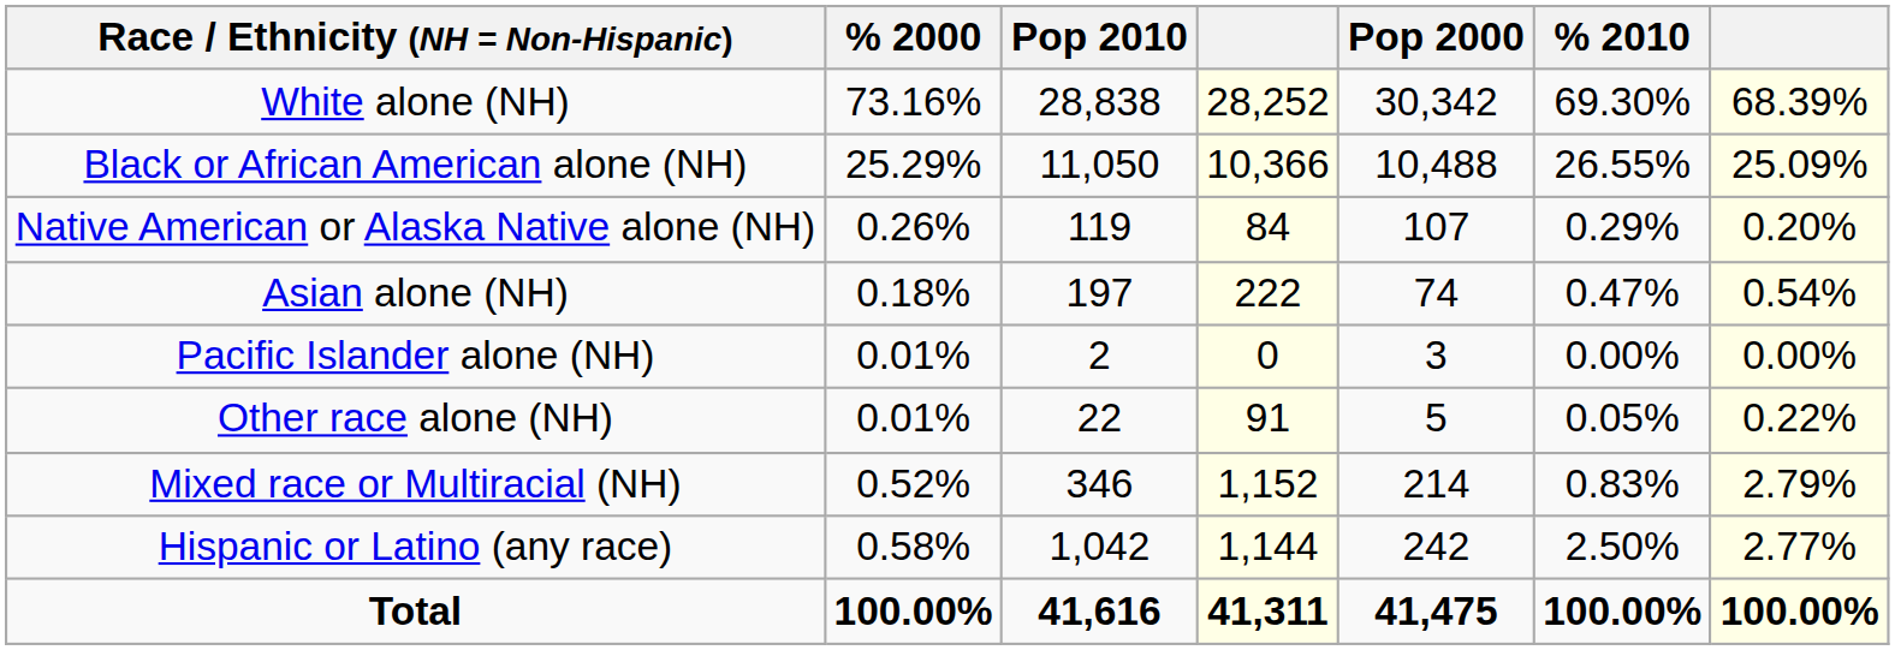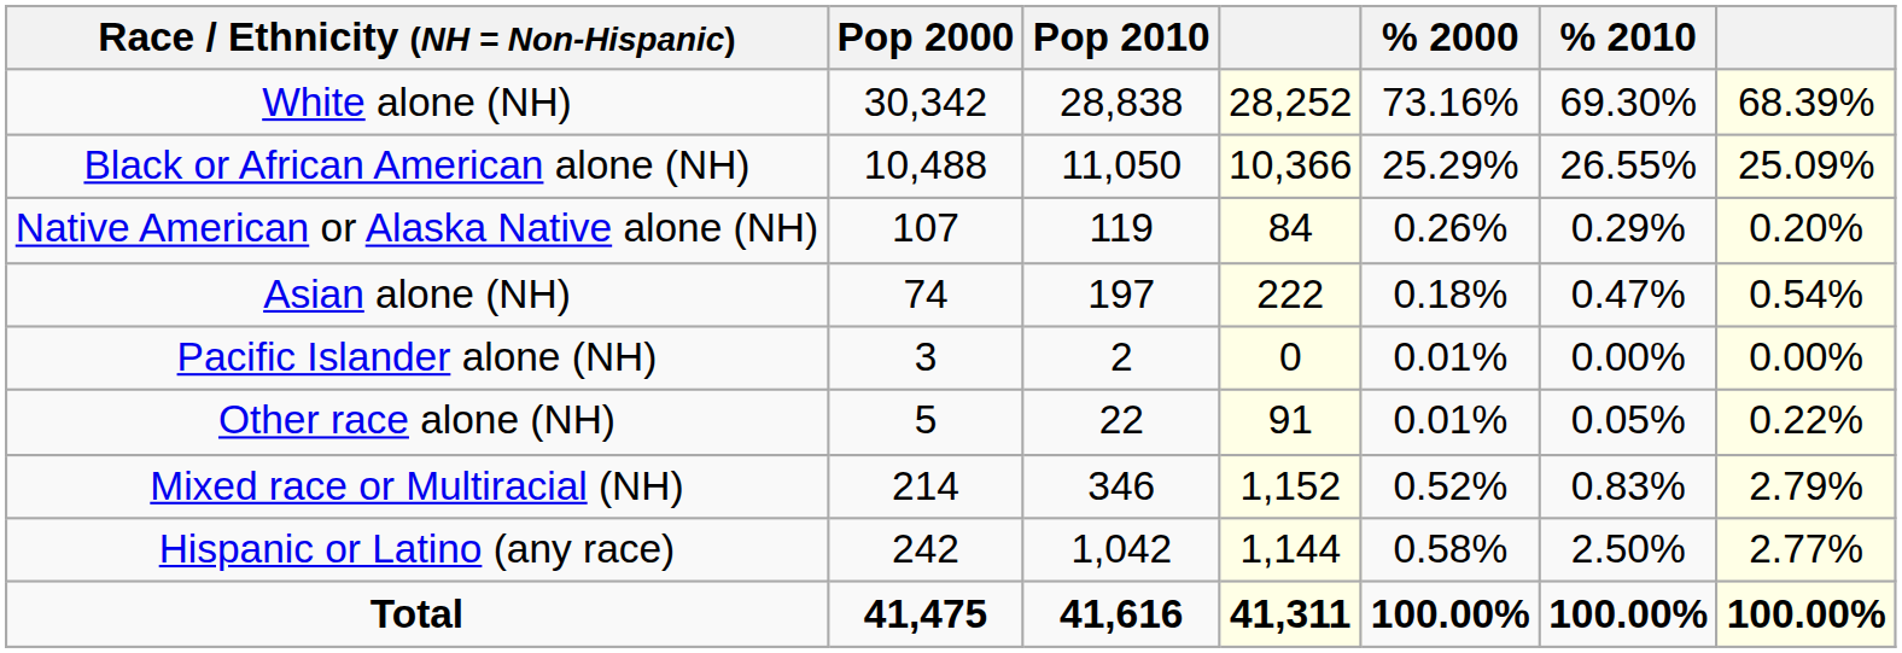 <table class="wikitable" style="text-align:center;">
 <tr>
 <th>Race / Ethnicity <small>(<em>NH = Non-Hispanic</em>)</small></th>
-<th>% 2000</th>
+<th>Pop 2000</th>
 <th>Pop 2010</th>
 <th></th>
-<th>Pop 2000</th>
+<th>% 2000</th>
 <th>% 2010</th>
 <th></th>
 </tr>
 <tr>
 <td><a href='#'>White</a> alone (NH)</td>
-<td>73.16%</td>
+<td>30,342</td>
 <td>28,838</td>
 <td style='background: #ffffe6;'>28,252</td>
-<td>30,342</td>
+<td>73.16%</td>
 <td>69.30%</td>
 <td style='background: #ffffe6;'>68.39%</td>
 </tr>
 <tr>
 <td><a href='#'>Black or African American</a> alone (NH)</td>
-<td>25.29%</td>
+<td>10,488</td>
 <td>11,050</td>
 <td style='background: #ffffe6;'>10,366</td>
-<td>10,488</td>
+<td>25.29%</td>
 <td>26.55%</td>
 <td style='background: #ffffe6;'>25.09%</td>
 </tr>
 <tr>
 <td><a href='#'>Native American</a> or <a href='#'>Alaska Native</a> alone (NH)</td>
-<td>0.26%</td>
+<td>107</td>
 <td>119</td>
 <td style='background: #ffffe6;'>84</td>
-<td>107</td>
+<td>0.26%</td>
 <td>0.29%</td>
 <td style='background: #ffffe6;'>0.20%</td>
 </tr>
 <tr>
 <td><a href='#'>Asian</a> alone (NH)</td>
-<td>0.18%</td>
+<td>74</td>
 <td>197</td>
 <td style='background: #ffffe6;'>222</td>
-<td>74</td>
+<td>0.18%</td>
 <td>0.47%</td>
 <td style='background: #ffffe6;'>0.54%</td>
 </tr>
 <tr>
 <td><a href='#'>Pacific Islander</a> alone (NH)</td>
-<td>0.01%</td>
+<td>3</td>
 <td>2</td>
 <td style='background: #ffffe6;'>0</td>
-<td>3</td>
+<td>0.01%</td>
 <td>0.00%</td>
 <td style='background: #ffffe6;'>0.00%</td>
 </tr>
 <tr>
 <td><a href='#'>Other race</a> alone (NH)</td>
-<td>0.01%</td>
+<td>5</td>
 <td>22</td>
 <td style='background: #ffffe6;'>91</td>
-<td>5</td>
+<td>0.01%</td>
 <td>0.05%</td>
 <td style='background: #ffffe6;'>0.22%</td>
 </tr>
 <tr>
 <td><a href='#'>Mixed race or Multiracial</a> (NH)</td>
-<td>0.52%</td>
+<td>214</td>
 <td>346</td>
 <td style='background: #ffffe6;'>1,152</td>
-<td>214</td>
+<td>0.52%</td>
 <td>0.83%</td>
 <td style='background: #ffffe6;'>2.79%</td>
 </tr>
 <tr>
 <td><a href='#'>Hispanic or Latino</a> (any race)</td>
-<td>0.58%</td>
+<td>242</td>
 <td>1,042</td>
 <td style='background: #ffffe6;'>1,144</td>
-<td>242</td>
+<td>0.58%</td>
 <td>2.50%</td>
 <td style='background: #ffffe6;'>2.77%</td>
 </tr>
 <tr>
 <td><strong>Total</strong></td>
-<td><strong>100.00%</strong></td>
+<td><strong>41,475</strong></td>
 <td><strong>41,616</strong></td>
 <td style='background: #ffffe6;'><strong>41,311</strong></td>
-<td><strong>41,475</strong></td>
+<td><strong>100.00%</strong></td>
 <td><strong>100.00%</strong></td>
 <td style='background: #ffffe6;'><strong>100.00%</strong></td>
 </tr>
 </table>
